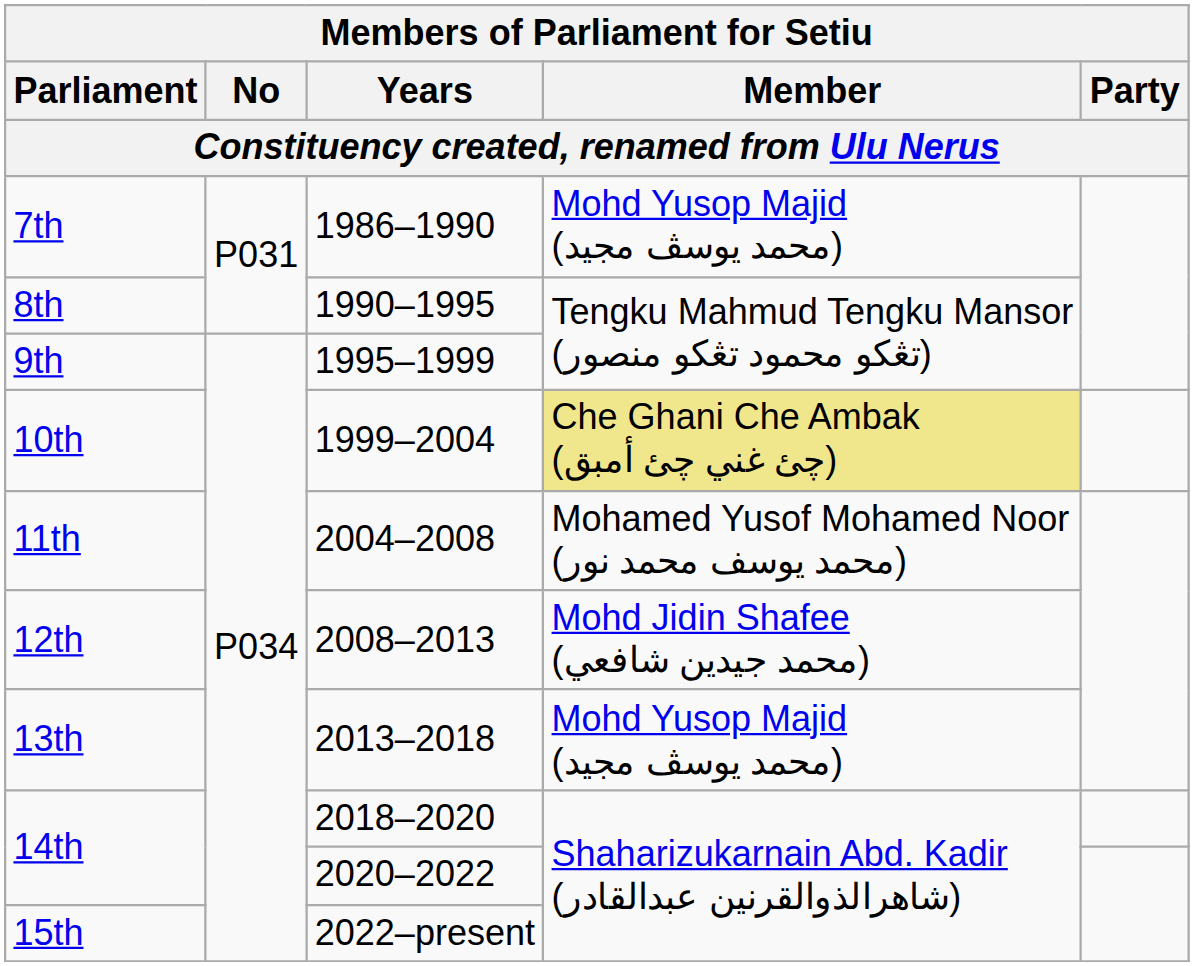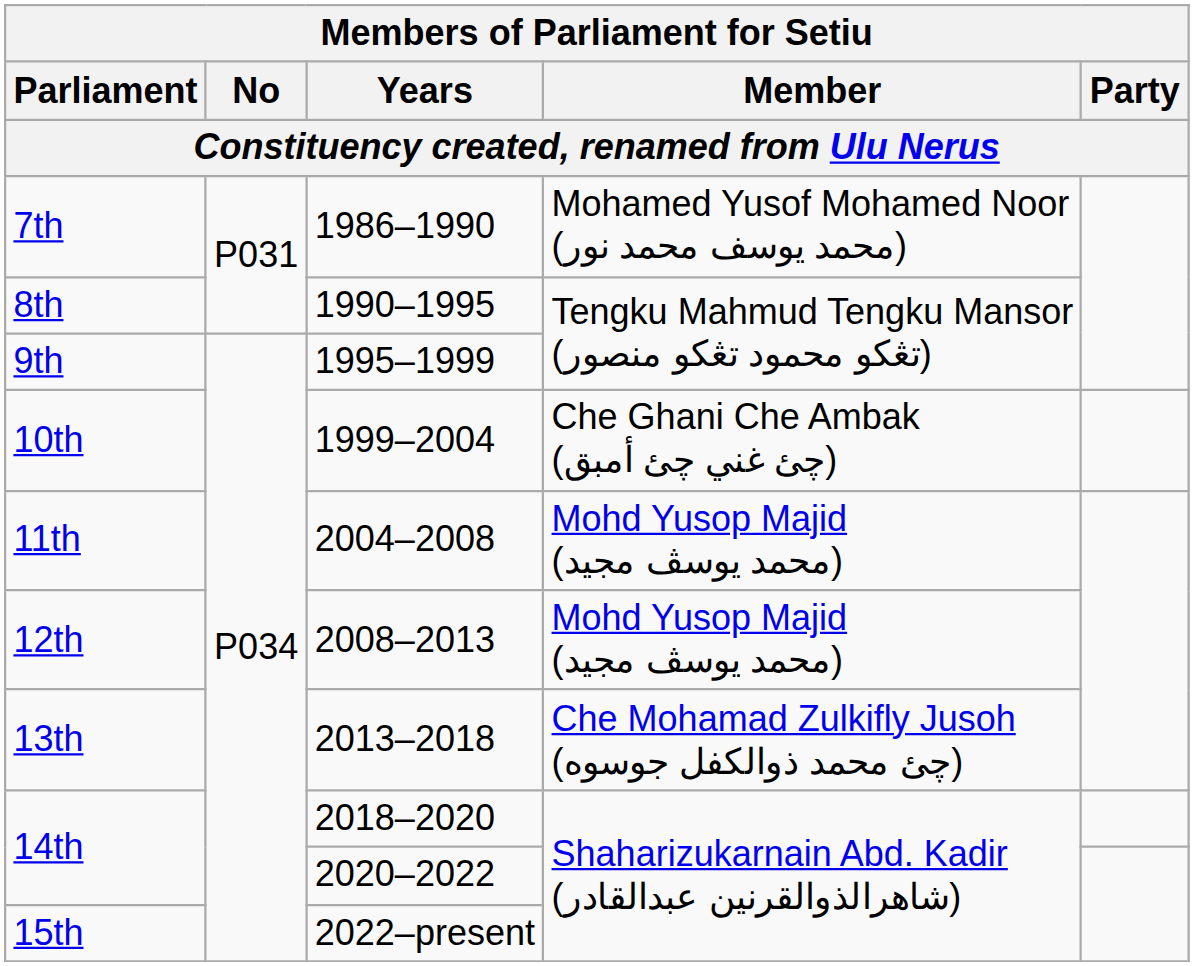 <table class=wikitable>
 <tr>
 <th colspan="5">Members of Parliament for Setiu</th>
 </tr>
 <tr>
 <th>Parliament</th>
 <th>No</th>
 <th>Years</th>
 <th>Member</th>
 <th>Party</th>
 </tr>
 <tr>
 <th colspan="5" align="center"><em>Constituency created, renamed from <a href='#'>Ulu Nerus</a></em></th>
 </tr>
 <tr>
 <td><a href='#'>7th</a></td>
 <td rowspan="2">P031</td>
 <td>1986–1990</td>
-<td><a href='#'>Mohd Yusop Majid</a>  <br>(محمد يوسڤ مجيد)</td>
+<td>Mohamed Yusof Mohamed Noor <br> (محمد يوسف محمد نور)</td>
 <td rowspan="3"></td>
 </tr>
 <tr>
 <td><a href='#'>8th</a></td>
 <td>1990–1995</td>
 <td rowspan=2>Tengku Mahmud Tengku Mansor  <br>(تڠكو محمود تڠكو منصور)</td>
 </tr>
 <tr>
 <td><a href='#'>9th</a></td>
 <td rowspan="8">P034</td>
 <td>1995–1999</td>
 </tr>
 <tr>
 <td><a href='#'>10th</a></td>
 <td>1999–2004</td>
-<td style="background: khaki;">Che Ghani Che Ambak  <br>(چئ غني چئ أمبق)</td>
+<td>Che Ghani Che Ambak  <br>(چئ غني چئ أمبق)</td>
 <td></td>
 </tr>
 <tr>
 <td><a href='#'>11th</a></td>
 <td>2004–2008</td>
-<td>Mohamed Yusof Mohamed Noor <br> (محمد يوسف محمد نور)</td>
+<td><a href='#'>Mohd Yusop Majid</a>  <br>(محمد يوسڤ مجيد)</td>
 <td rowspan="3"></td>
 </tr>
 <tr>
 <td><a href='#'>12th</a></td>
 <td>2008–2013</td>
-<td><a href='#'>Mohd Jidin Shafee</a>  <br>(محمد جيدين شافعي)</td>
+<td><a href='#'>Mohd Yusop Majid</a>  <br>(محمد يوسڤ مجيد)</td>
 </tr>
 <tr>
 <td><a href='#'>13th</a></td>
 <td>2013–2018</td>
-<td><a href='#'>Mohd Yusop Majid</a>  <br>(محمد يوسڤ مجيد)</td>
+<td><a href='#'>Che Mohamad Zulkifly Jusoh</a>  <br>(چئ محمد ذوالكفل جوسوه)</td>
 </tr>
 <tr>
 <td rowspan=2><a href='#'>14th</a></td>
 <td>2018–2020</td>
 <td rowspan=3><a href='#'>Shaharizukarnain Abd. Kadir</a>  <br>(شاهرالذوالقرنين عبدالقادر)</td>
 <td></td>
 </tr>
 <tr>
 <td>2020–2022</td>
 <td rowspan=2></td>
 </tr>
 <tr>
 <td><a href='#'>15th</a></td>
 <td>2022–present</td>
 </tr>
 </table>
